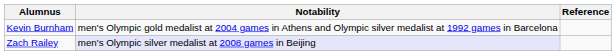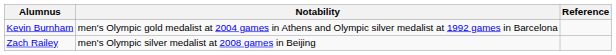 <table class="wikitable">
 <tr>
 <th>Alumnus</th>
 <th>Notability</th>
 <th>Reference</th>
 </tr>
 <tr>
 <td><a href='#'>Kevin Burnham</a></td>
 <td>men's Olympic gold medalist at <a href='#'> 2004 games</a> in Athens and Olympic silver medalist at <a href='#'> 1992 games</a> in Barcelona</td>
 </tr>
 <tr>
 <td><a href='#'>Zach Railey</a></td>
-<td style="background: lavender;">men's Olympic silver medalist at <a href='#'>2008 games</a> in Beijing</td>
+<td>men's Olympic silver medalist at <a href='#'>2008 games</a> in Beijing</td>
 <td></td>
 </tr>
 </table>
